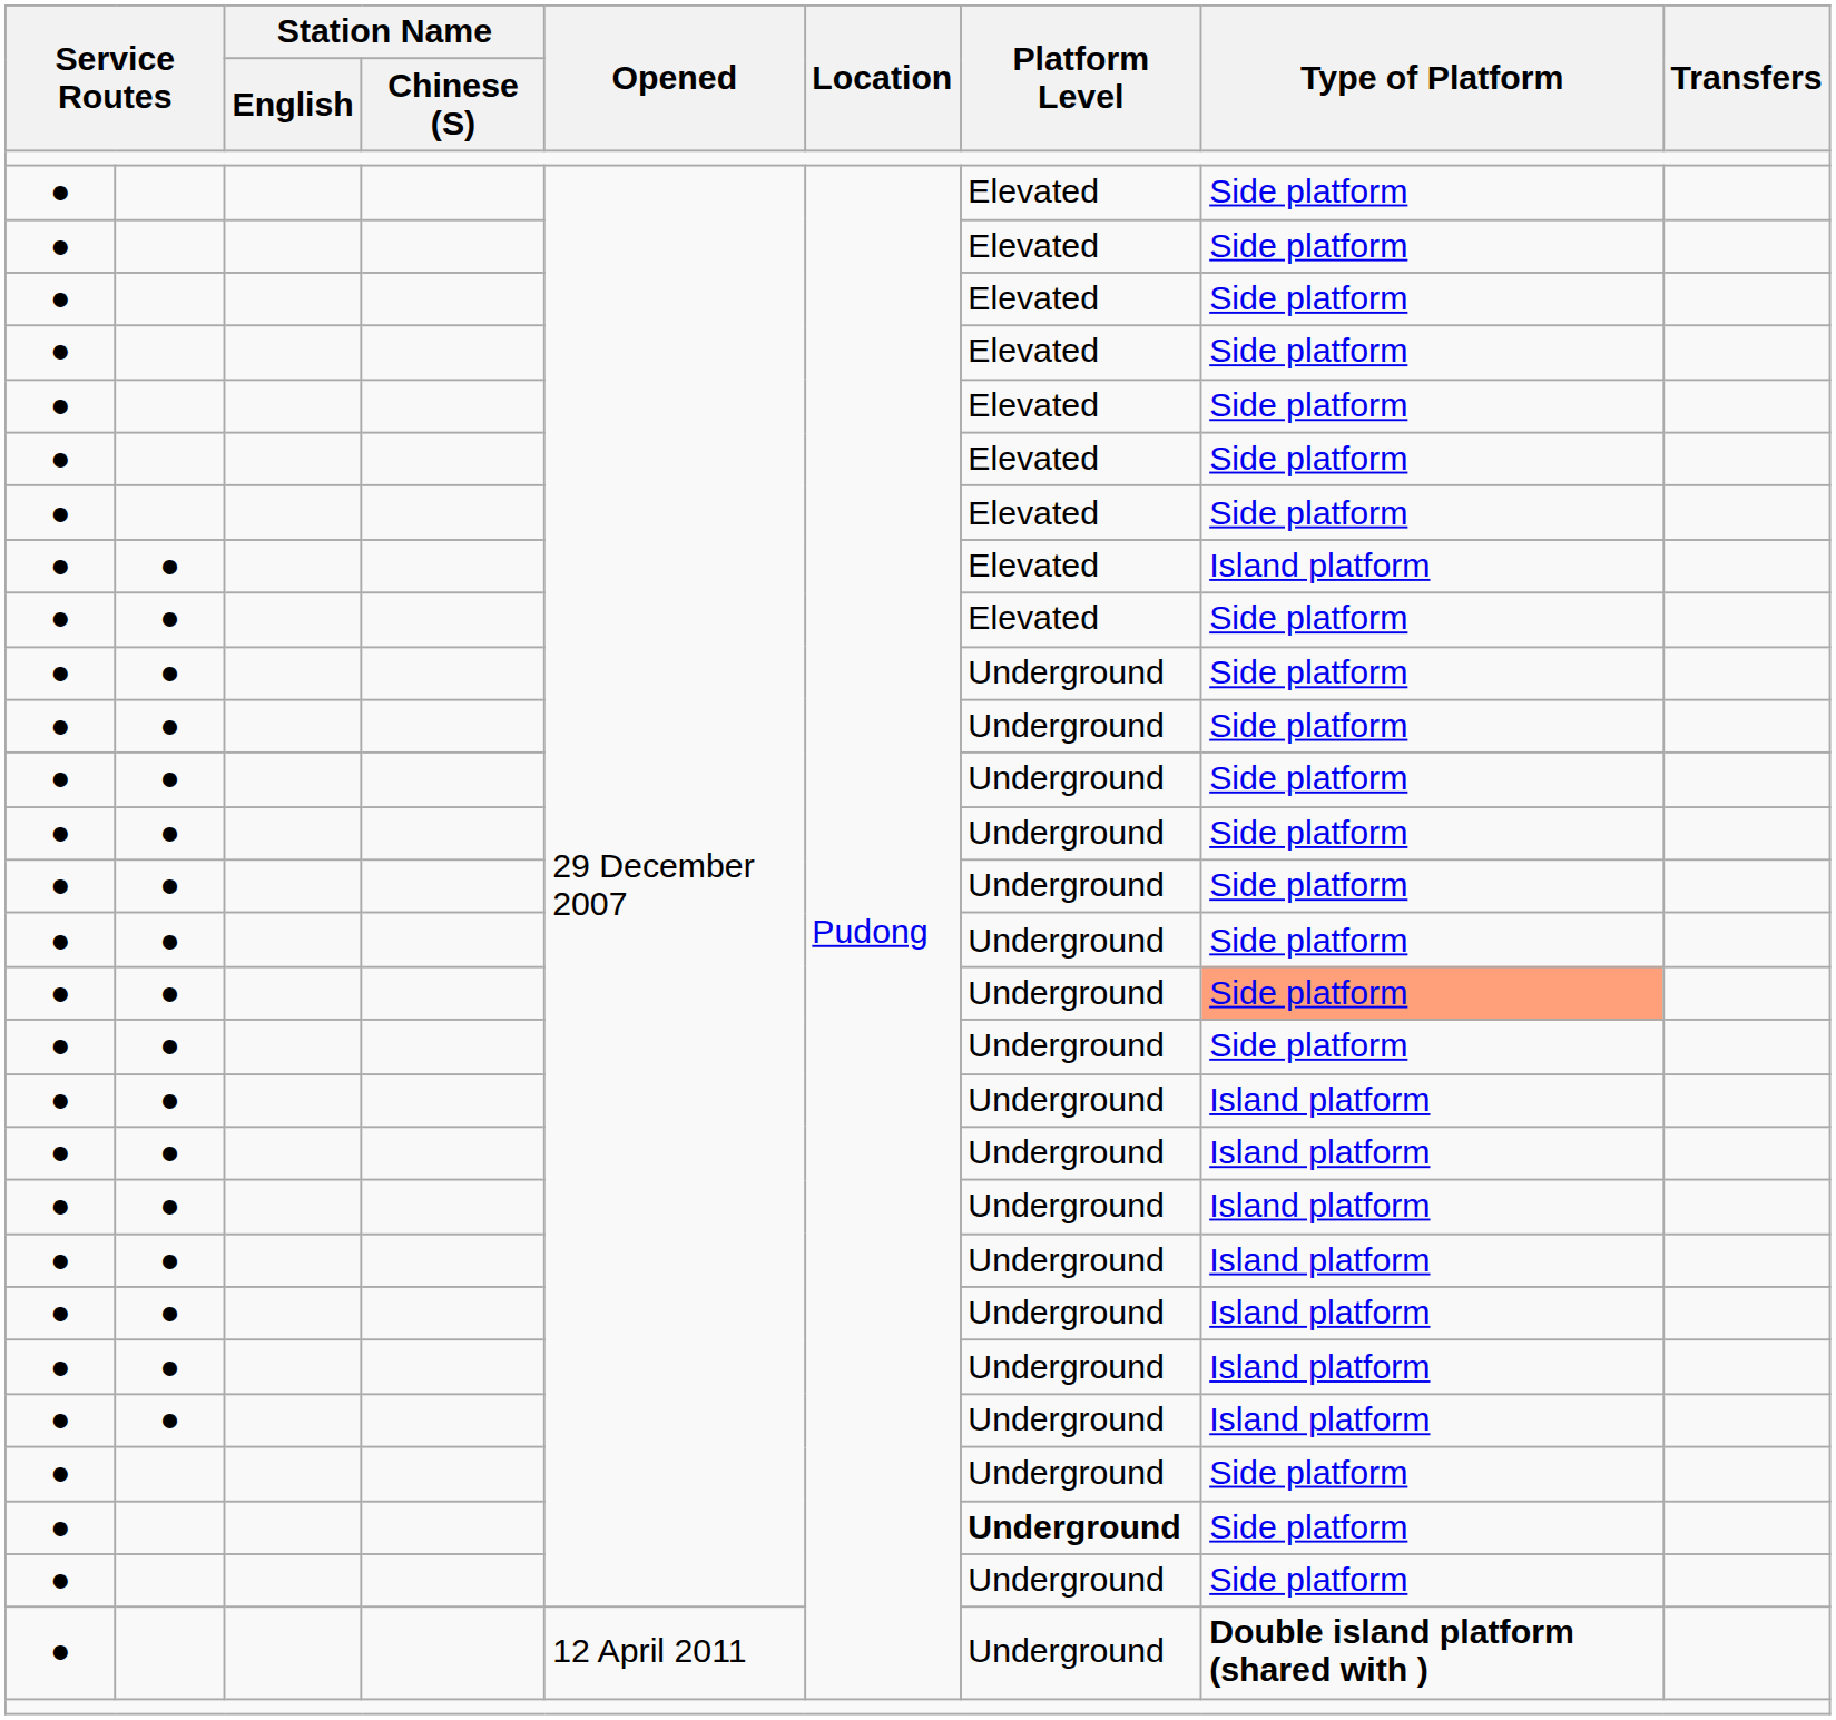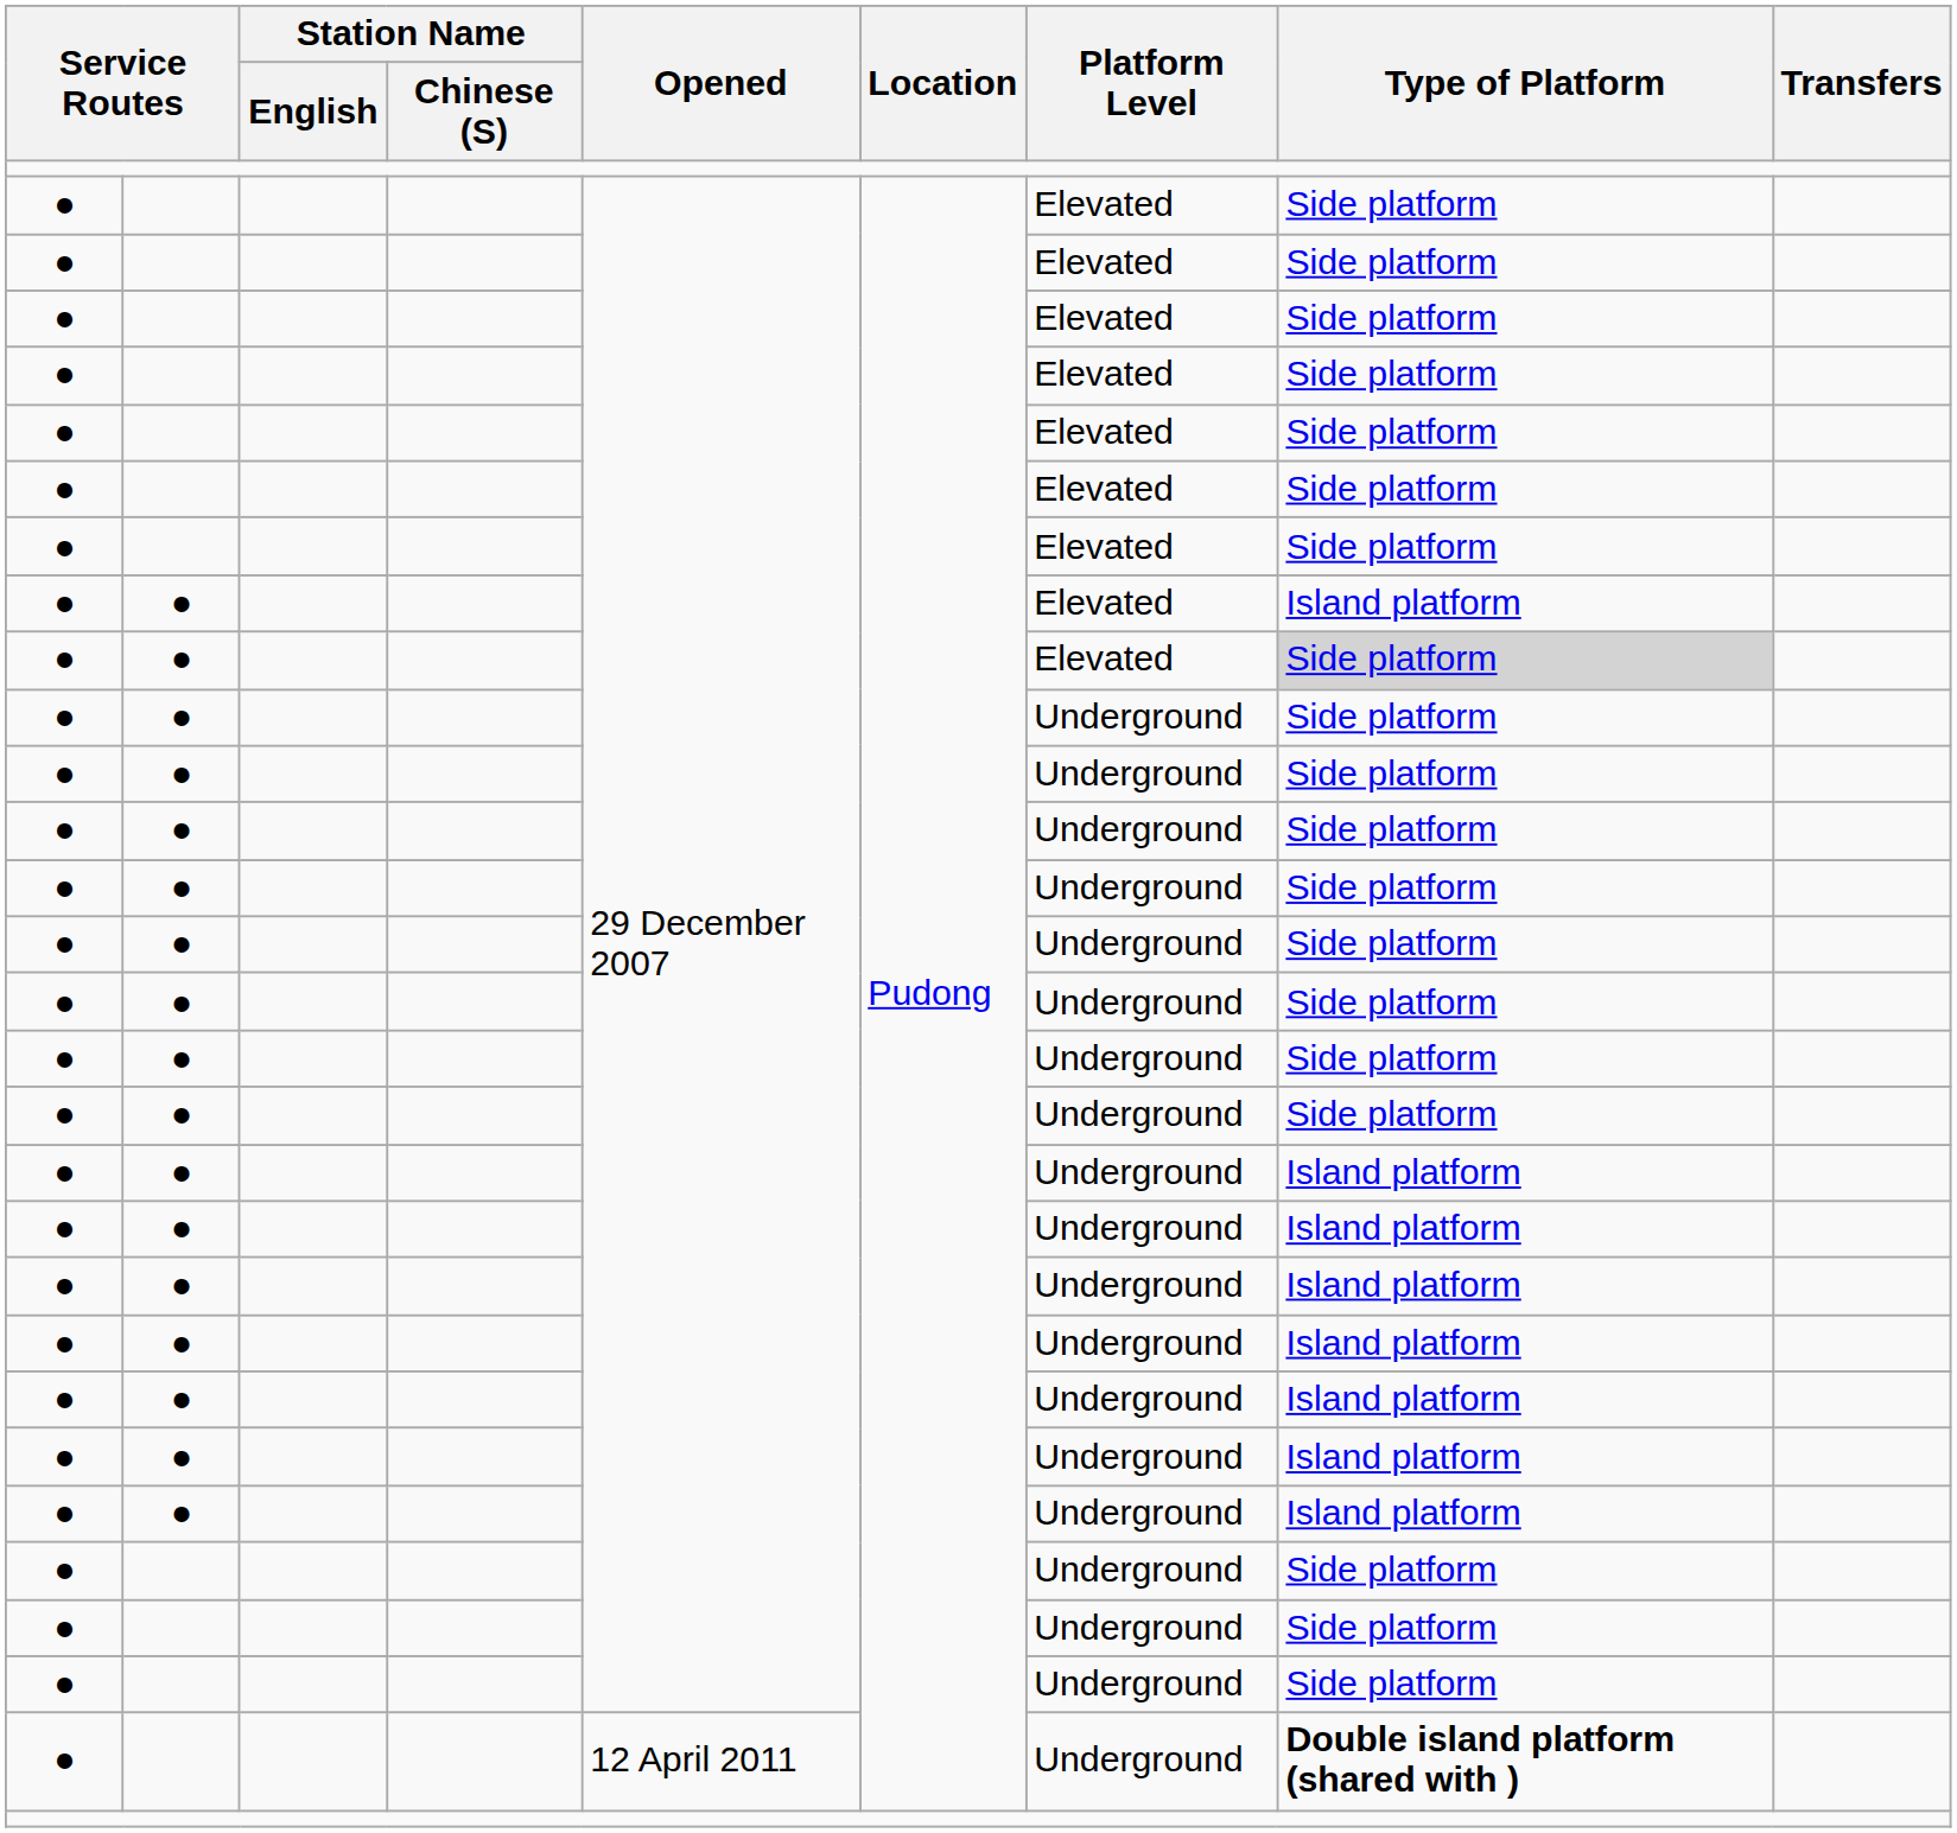 <table class=wikitable>
 <tr>
 <th colspan=2 rowspan=2 style="text-align:center;">Service Routes</th>
 <th colspan=2 style="text-align:center;">Station Name</th>
 <th rowspan=2>Opened</th>
 <th rowspan=2 style="text-align:center;">Location</th>
 <th rowspan=2>Platform Level</th>
 <th rowspan=2>Type of Platform</th>
 <th rowspan=2 style="text-align:center;">Transfers</th>
 </tr>
 <tr>
 <th>English</th>
 <th>Chinese (S)</th>
 </tr>
 <tr style=background:#>
 <td colspan=9></td>
 </tr>
 <tr>
 <td align=center>●</td>
 <td align=center></td>
 <td></td>
 <td><span></span></td>
 <td rowspan=27>29 December 2007</td>
 <td rowspan=28><a href='#'>Pudong</a></td>
 <td>Elevated</td>
 <td><a href='#'>Side platform</a></td>
 <td></td>
 </tr>
 <tr>
 <td align=center>●</td>
 <td align=center></td>
 <td></td>
 <td><span></span></td>
 <td>Elevated</td>
 <td><a href='#'>Side platform</a></td>
 <td></td>
 </tr>
 <tr>
 <td align=center>●</td>
 <td align=center></td>
 <td></td>
 <td><span></span></td>
 <td>Elevated</td>
 <td><a href='#'>Side platform</a></td>
 <td></td>
 </tr>
 <tr>
 <td align=center>●</td>
 <td align=center></td>
 <td></td>
 <td><span></span></td>
 <td>Elevated</td>
 <td><a href='#'>Side platform</a></td>
 <td></td>
 </tr>
 <tr>
 <td align=center>●</td>
 <td align=center></td>
 <td></td>
 <td><span></span></td>
 <td>Elevated</td>
 <td><a href='#'>Side platform</a></td>
 <td></td>
 </tr>
 <tr>
 <td align=center>●</td>
 <td align=center></td>
 <td></td>
 <td><span></span></td>
 <td>Elevated</td>
 <td><a href='#'>Side platform</a></td>
 <td></td>
 </tr>
 <tr>
 <td align=center>●</td>
 <td align=center></td>
 <td></td>
 <td><span></span></td>
 <td>Elevated</td>
 <td><a href='#'>Side platform</a></td>
 <td></td>
 </tr>
 <tr>
 <td align=center>●</td>
 <td align=center>●</td>
 <td></td>
 <td><span></span></td>
 <td>Elevated</td>
 <td><a href='#'>Island platform</a></td>
 <td></td>
 </tr>
 <tr>
 <td align=center>●</td>
 <td align=center>●</td>
 <td></td>
 <td><span></span></td>
 <td>Elevated</td>
-<td><a href='#'>Side platform</a></td>
+<td style="background: lightgrey;"><a href='#'>Side platform</a></td>
 <td></td>
 </tr>
 <tr>
 <td align=center>●</td>
 <td align=center>●</td>
 <td></td>
 <td><span></span></td>
 <td>Underground</td>
 <td><a href='#'>Side platform</a></td>
 <td></td>
 </tr>
 <tr>
 <td align=center>●</td>
 <td align=center>●</td>
 <td></td>
 <td><span></span></td>
 <td>Underground</td>
 <td><a href='#'>Side platform</a></td>
 <td></td>
 </tr>
 <tr>
 <td align=center>●</td>
 <td align=center>●</td>
 <td></td>
 <td><span></span></td>
 <td>Underground</td>
 <td><a href='#'>Side platform</a></td>
 <td></td>
 </tr>
 <tr>
 <td align=center>●</td>
 <td align=center>●</td>
 <td></td>
 <td><span></span></td>
 <td>Underground</td>
 <td><a href='#'>Side platform</a></td>
 <td></td>
 </tr>
 <tr>
 <td align=center>●</td>
 <td align=center>●</td>
 <td></td>
 <td><span></span></td>
 <td>Underground</td>
 <td><a href='#'>Side platform</a></td>
 <td></td>
 </tr>
 <tr>
 <td align=center>●</td>
 <td align=center>●</td>
 <td></td>
 <td><span></span></td>
 <td>Underground</td>
 <td><a href='#'>Side platform</a></td>
 <td></td>
 </tr>
 <tr>
 <td align=center>●</td>
 <td align=center>●</td>
 <td></td>
 <td><span></span></td>
 <td>Underground</td>
-<td style="background: lightsalmon;"><a href='#'>Side platform</a></td>
+<td><a href='#'>Side platform</a></td>
 <td></td>
 </tr>
 <tr>
 <td align=center>●</td>
 <td align=center>●</td>
 <td></td>
 <td><span></span></td>
 <td>Underground</td>
 <td><a href='#'>Side platform</a></td>
 <td></td>
 </tr>
 <tr>
 <td align=center>●</td>
 <td align=center>●</td>
 <td></td>
 <td><span></span></td>
 <td>Underground</td>
 <td><a href='#'>Island platform</a></td>
 <td></td>
 </tr>
 <tr>
 <td align=center>●</td>
 <td align=center>●</td>
 <td></td>
 <td><span></span></td>
 <td>Underground</td>
 <td><a href='#'>Island platform</a></td>
 <td></td>
 </tr>
 <tr>
 <td align=center>●</td>
 <td align=center>●</td>
 <td></td>
 <td><span></span></td>
 <td>Underground</td>
 <td><a href='#'>Island platform</a></td>
 <td></td>
 </tr>
 <tr>
 <td align=center>●</td>
 <td align=center>●</td>
 <td></td>
 <td><span></span></td>
 <td>Underground</td>
 <td><a href='#'>Island platform</a></td>
 <td></td>
 </tr>
 <tr>
 <td align=center>●</td>
 <td align=center>●</td>
 <td></td>
 <td><span></span></td>
 <td>Underground</td>
 <td><a href='#'>Island platform</a></td>
 <td></td>
 </tr>
 <tr>
 <td align=center>●</td>
 <td align=center>●</td>
 <td></td>
 <td><span></span></td>
 <td>Underground</td>
 <td><a href='#'>Island platform</a></td>
 <td></td>
 </tr>
 <tr>
 <td align=center>●</td>
 <td align=center>●</td>
 <td></td>
 <td><span></span></td>
 <td>Underground</td>
 <td><a href='#'>Island platform</a></td>
 <td></td>
 </tr>
 <tr>
 <td align=center>●</td>
 <td align=center></td>
 <td></td>
 <td><span></span></td>
 <td>Underground</td>
 <td><a href='#'>Side platform</a></td>
 <td></td>
 </tr>
 <tr>
 <td align=center>●</td>
 <td align=center></td>
 <td></td>
 <td><span></span></td>
-<td><strong>Underground</strong></td>
+<td>Underground</td>
 <td><a href='#'>Side platform</a></td>
 <td></td>
 </tr>
 <tr>
 <td align=center>●</td>
 <td align=center></td>
 <td></td>
 <td><span></span></td>
 <td>Underground</td>
 <td><a href='#'>Side platform</a></td>
 <td></td>
 </tr>
 <tr>
 <td align=center>●</td>
 <td align=center></td>
 <td></td>
 <td><span></span></td>
 <td>12 April 2011</td>
 <td>Underground</td>
 <td><strong>Double island platform (shared with )</strong></td>
 <td></td>
 </tr>
 <tr style=background:#>
 <td colspan=9></td>
 </tr>
 </table>
